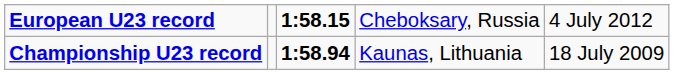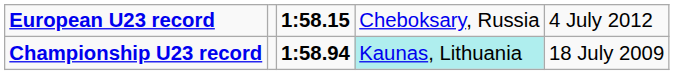 <table class="wikitable">
 <tr>
 <td><strong><a href='#'>European U23 record</a></strong></td>
 <td></td>
 <td><strong>1:58.15</strong></td>
 <td><a href='#'>Cheboksary</a>, Russia</td>
 <td>4 July 2012</td>
 </tr>
 <tr>
 <td><strong><a href='#'>Championship U23 record</a></strong></td>
 <td></td>
 <td><strong>1:58.94</strong></td>
-<td><a href='#'>Kaunas</a>, Lithuania</td>
+<td style="background: paleturquoise;"><a href='#'>Kaunas</a>, Lithuania</td>
 <td>18 July 2009</td>
 </tr>
 </table>
